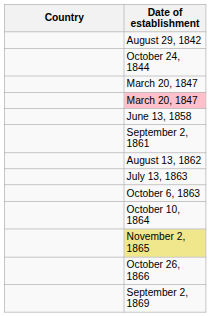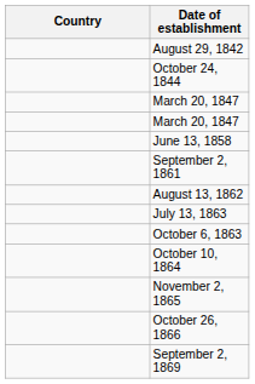 <table class="wikitable" border=1 style="border-collapse: collapse;">
 <tr>
 <th width=180>Country</th>
 <th width=120>Date of establishment</th>
 </tr>
 <tr>
 <td></td>
 <td>August 29, 1842</td>
 </tr>
 <tr>
 <td></td>
 <td>October 24, 1844</td>
 </tr>
 <tr>
 <td></td>
 <td>March 20, 1847</td>
 </tr>
 <tr>
 <td></td>
-<td style="background: pink;">March 20, 1847</td>
+<td>March 20, 1847</td>
 </tr>
 <tr>
 <td></td>
 <td>June 13, 1858</td>
 </tr>
 <tr>
 <td></td>
 <td>September 2, 1861</td>
 </tr>
 <tr>
 <td></td>
 <td>August 13, 1862</td>
 </tr>
 <tr>
 <td></td>
 <td>July 13, 1863</td>
 </tr>
 <tr>
 <td></td>
 <td>October 6, 1863</td>
 </tr>
 <tr>
 <td></td>
 <td>October 10, 1864</td>
 </tr>
 <tr>
 <td></td>
-<td style="background: khaki;">November 2, 1865</td>
+<td>November 2, 1865</td>
 </tr>
 <tr>
 <td></td>
 <td>October 26, 1866</td>
 </tr>
 <tr>
 <td></td>
 <td>September 2, 1869</td>
 </tr>
 </table>
